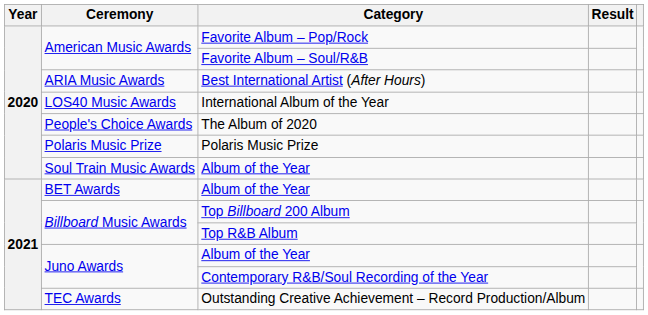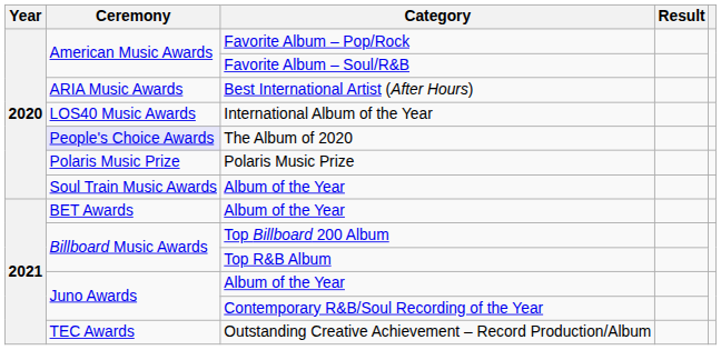 <table class="wikitable sortable plainrowheaders" style="border:none; margin:0;">
 <tr>
 <th scope="col">Year</th>
 <th scope="col">Ceremony</th>
 <th scope="col">Category</th>
 <th scope="col">Result</th>
 <th scope="col" class="unsortable"></th>
 </tr>
 <tr>
 <th scope="row" rowspan="7">2020</th>
 <td rowspan="2"><a href='#'>American Music Awards</a></td>
 <td><a href='#'>Favorite Album – Pop/Rock</a></td>
 <td></td>
 <td rowspan="2"></td>
 </tr>
 <tr>
 <td><a href='#'>Favorite Album – Soul/R&B</a></td>
 <td></td>
 </tr>
 <tr>
 <td><a href='#'>ARIA Music Awards</a></td>
 <td><a href='#'>Best International Artist</a> (<em>After Hours</em>)</td>
 <td></td>
 <td></td>
 </tr>
 <tr>
 <td><a href='#'>LOS40 Music Awards</a></td>
 <td>International Album of the Year</td>
 <td></td>
 <td></td>
 </tr>
 <tr>
-<td><a href='#'>People's Choice Awards</a></td>
+<td style="background: lavender;"><a href='#'>People's Choice Awards</a></td>
 <td>The Album of 2020</td>
 <td></td>
 <td></td>
 </tr>
 <tr>
 <td><a href='#'>Polaris Music Prize</a></td>
 <td>Polaris Music Prize</td>
 <td></td>
 <td></td>
 </tr>
 <tr>
 <td><a href='#'>Soul Train Music Awards</a></td>
 <td><a href='#'>Album of the Year</a></td>
 <td></td>
 <td></td>
 </tr>
 <tr>
 <th scope="row" rowspan="6">2021</th>
 <td><a href='#'>BET Awards</a></td>
 <td><a href='#'>Album of the Year</a></td>
 <td></td>
 <td></td>
 </tr>
 <tr>
 <td rowspan="2"><a href='#'><em>Billboard</em> Music Awards</a></td>
 <td><a href='#'>Top <em>Billboard</em> 200 Album</a></td>
 <td></td>
 <td rowspan="2"></td>
 </tr>
 <tr>
 <td><a href='#'>Top R&B Album</a></td>
 <td></td>
 </tr>
 <tr>
 <td rowspan="2"><a href='#'>Juno Awards</a></td>
 <td><a href='#'>Album of the Year</a></td>
 <td></td>
 <td rowspan="2"></td>
 </tr>
 <tr>
 <td><a href='#'>Contemporary R&B/Soul Recording of the Year</a></td>
 <td></td>
 </tr>
 <tr>
 <td><a href='#'>TEC Awards</a></td>
 <td>Outstanding Creative Achievement – Record Production/Album</td>
 <td></td>
 <td></td>
 </tr>
 </table>
